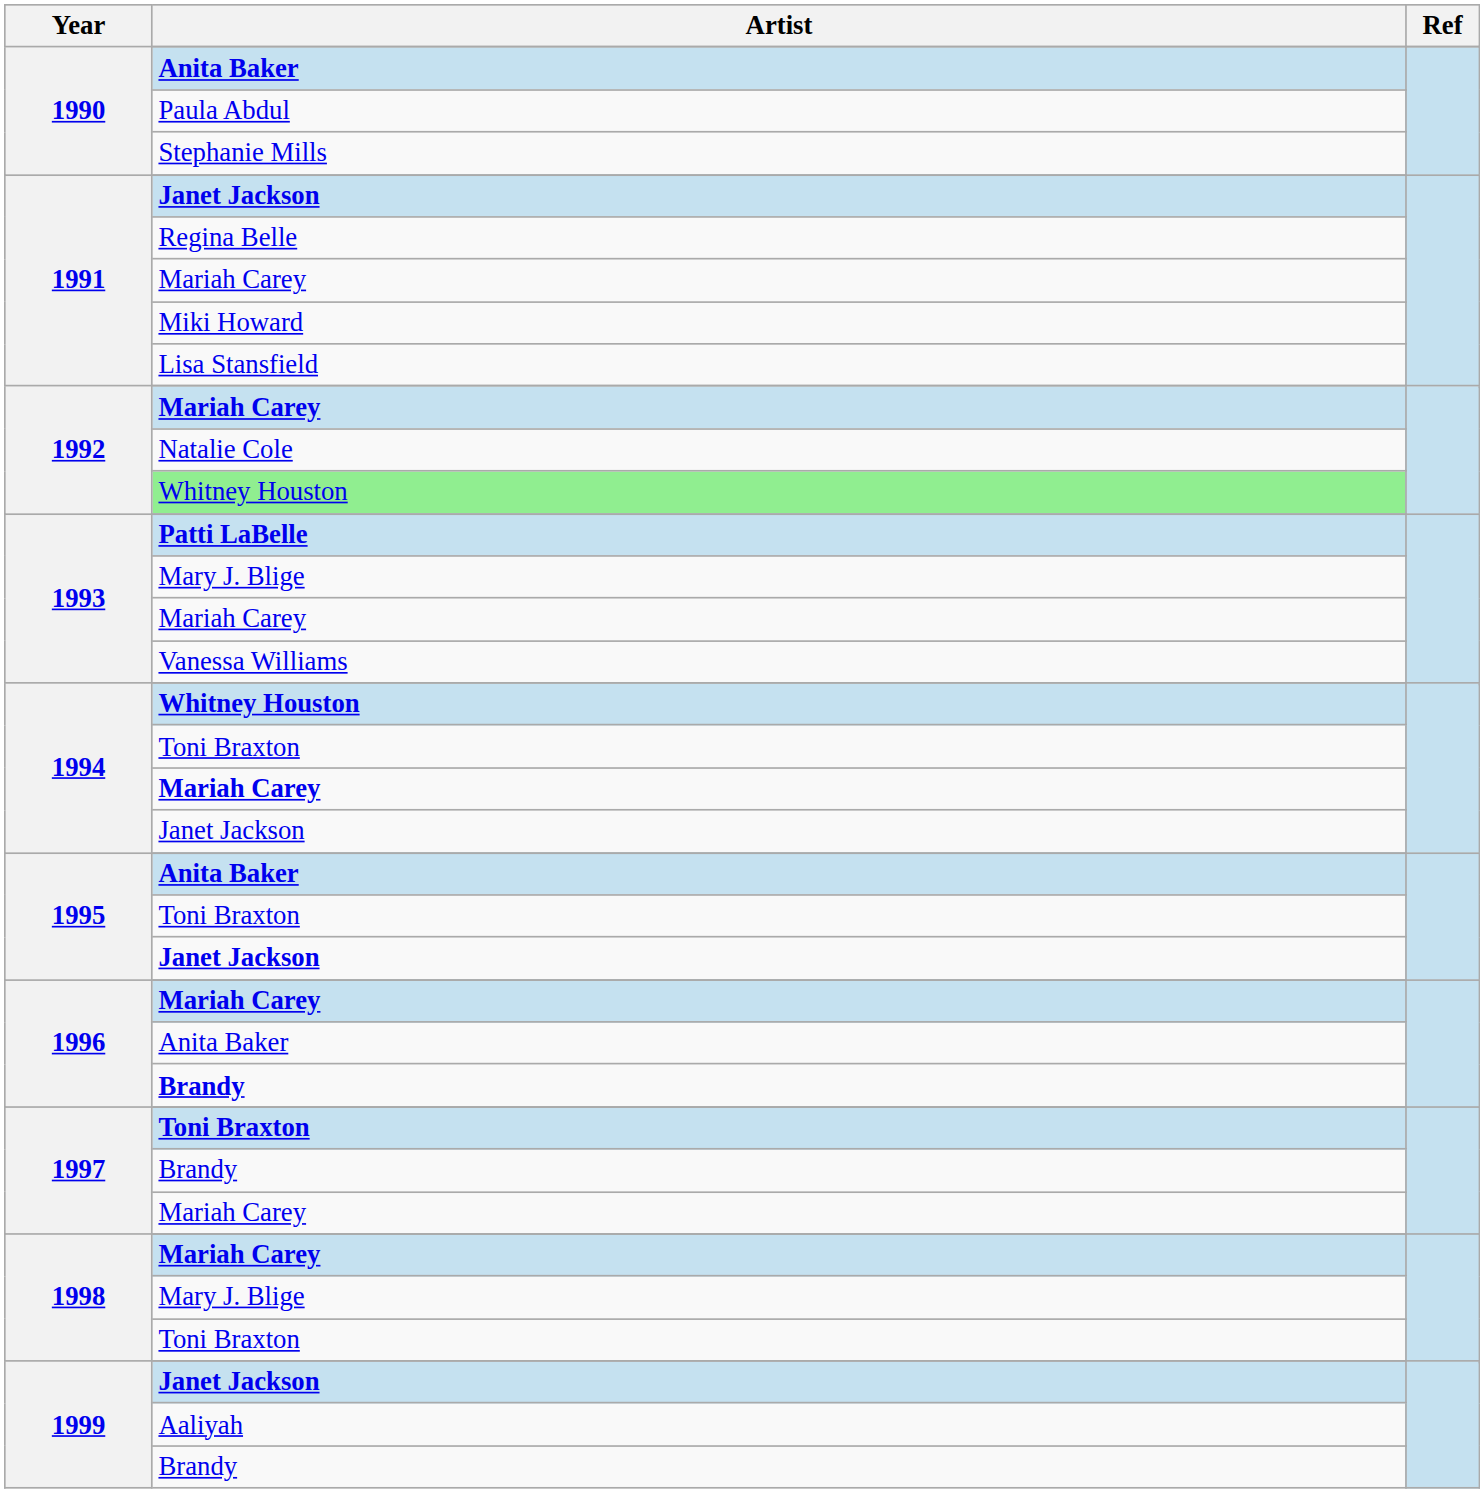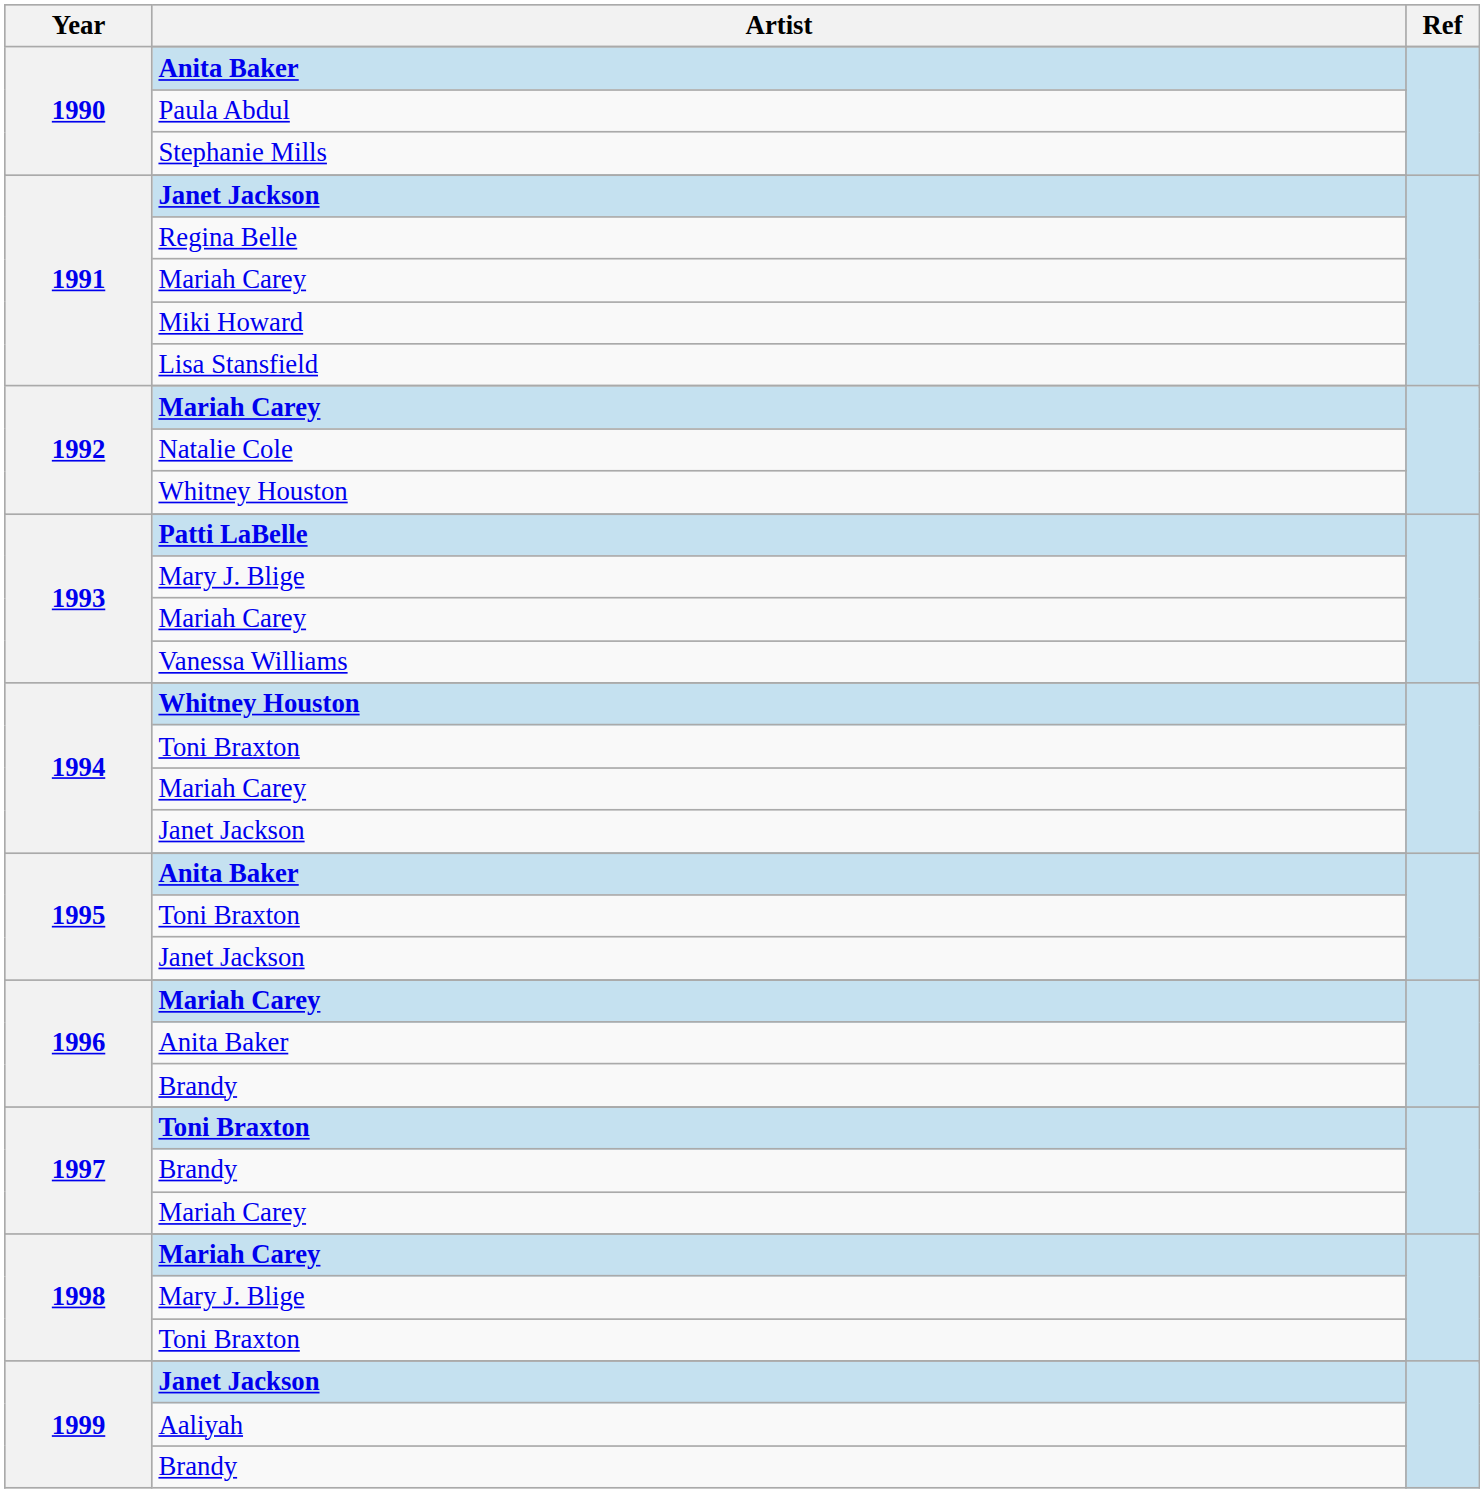 <table class="wikitable" width="100%">
 <tr>
 <th width="10%">Year</th>
 <th width="85%">Artist</th>
 <th width="5%">Ref</th>
 </tr>
 <tr>
 <th rowspan="4" align="center"><a href='#'>1990<br></a></th>
 </tr>
 <tr style="background:#c5e1f0">
 <td><strong><a href='#'>Anita Baker</a></strong></td>
 <td rowspan="4" align="center"></td>
 </tr>
 <tr>
 <td><a href='#'>Paula Abdul</a></td>
 </tr>
 <tr>
 <td><a href='#'>Stephanie Mills</a></td>
 </tr>
 <tr>
 <th rowspan="6" align="center"><a href='#'>1991<br></a></th>
 </tr>
 <tr style="background:#c5e1f0">
 <td><strong><a href='#'>Janet Jackson</a></strong></td>
 <td rowspan="6" align="center"></td>
 </tr>
 <tr>
 <td><a href='#'>Regina Belle</a></td>
 </tr>
 <tr>
 <td><a href='#'>Mariah Carey</a></td>
 </tr>
 <tr>
 <td><a href='#'>Miki Howard</a></td>
 </tr>
 <tr>
 <td><a href='#'>Lisa Stansfield</a></td>
 </tr>
 <tr>
 <th rowspan="4" align="center"><a href='#'>1992<br></a></th>
 </tr>
 <tr style="background:#c5e1f0">
 <td><strong><a href='#'>Mariah Carey</a></strong></td>
 <td rowspan="4" align="center"></td>
 </tr>
 <tr>
 <td><a href='#'>Natalie Cole</a></td>
 </tr>
 <tr>
-<td style="background: lightgreen;"><a href='#'>Whitney Houston</a></td>
+<td><a href='#'>Whitney Houston</a></td>
 </tr>
 <tr>
 <th rowspan="5" align="center"><a href='#'>1993<br></a></th>
 </tr>
 <tr style="background:#c5e1f0">
 <td><strong><a href='#'>Patti LaBelle</a></strong></td>
 <td rowspan="5" align="center"></td>
 </tr>
 <tr>
 <td><a href='#'>Mary J. Blige</a></td>
 </tr>
 <tr>
 <td><a href='#'>Mariah Carey</a></td>
 </tr>
 <tr>
 <td><a href='#'>Vanessa Williams</a></td>
 </tr>
 <tr>
 <th rowspan="5" align="center"><a href='#'>1994<br></a></th>
 </tr>
 <tr style="background:#c5e1f0">
 <td><strong><a href='#'>Whitney Houston</a></strong></td>
 <td rowspan="5" align="center"></td>
 </tr>
 <tr>
 <td><a href='#'>Toni Braxton</a></td>
 </tr>
 <tr>
-<td><strong><a href='#'>Mariah Carey</a></strong></td>
+<td><a href='#'>Mariah Carey</a></td>
 </tr>
 <tr>
 <td><a href='#'>Janet Jackson</a></td>
 </tr>
 <tr>
 <th rowspan="4" align="center"><a href='#'>1995<br></a></th>
 </tr>
 <tr style="background:#c5e1f0">
 <td><strong><a href='#'>Anita Baker</a></strong></td>
 <td rowspan="4" align="center"></td>
 </tr>
 <tr>
 <td><a href='#'>Toni Braxton</a></td>
 </tr>
 <tr>
-<td><strong><a href='#'>Janet Jackson</a></strong></td>
+<td><a href='#'>Janet Jackson</a></td>
 </tr>
 <tr>
 <th rowspan="4" align="center"><a href='#'>1996<br></a></th>
 </tr>
 <tr style="background:#c5e1f0">
 <td><strong><a href='#'>Mariah Carey</a></strong></td>
 <td rowspan="4" align="center"></td>
 </tr>
 <tr>
 <td><a href='#'>Anita Baker</a></td>
 </tr>
 <tr>
-<td><strong><a href='#'>Brandy</a></strong></td>
+<td><a href='#'>Brandy</a></td>
 </tr>
 <tr>
 <th rowspan="4" align="center"><a href='#'>1997<br></a></th>
 </tr>
 <tr style="background:#c5e1f0">
 <td><strong><a href='#'>Toni Braxton</a></strong></td>
 <td rowspan="4" align="center"></td>
 </tr>
 <tr>
 <td><a href='#'>Brandy</a></td>
 </tr>
 <tr>
 <td><a href='#'>Mariah Carey</a></td>
 </tr>
 <tr>
 <th rowspan="4" align="center"><a href='#'>1998<br></a></th>
 </tr>
 <tr style="background:#c5e1f0">
 <td><strong><a href='#'>Mariah Carey</a></strong></td>
 <td rowspan="4" align="center"></td>
 </tr>
 <tr>
 <td><a href='#'>Mary J. Blige</a></td>
 </tr>
 <tr>
 <td><a href='#'>Toni Braxton</a></td>
 </tr>
 <tr>
 <th rowspan="4" align="center"><a href='#'>1999<br></a></th>
 </tr>
 <tr style="background:#c5e1f0">
 <td><strong><a href='#'>Janet Jackson</a></strong></td>
 <td rowspan="4" align="center"></td>
 </tr>
 <tr>
 <td><a href='#'>Aaliyah</a></td>
 </tr>
 <tr>
 <td><a href='#'>Brandy</a></td>
 </tr>
 </table>
